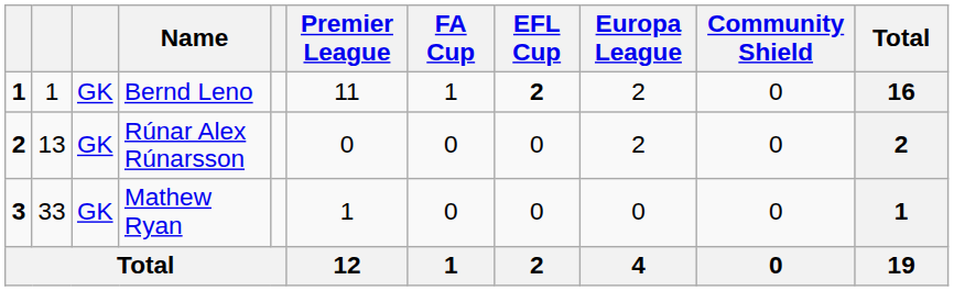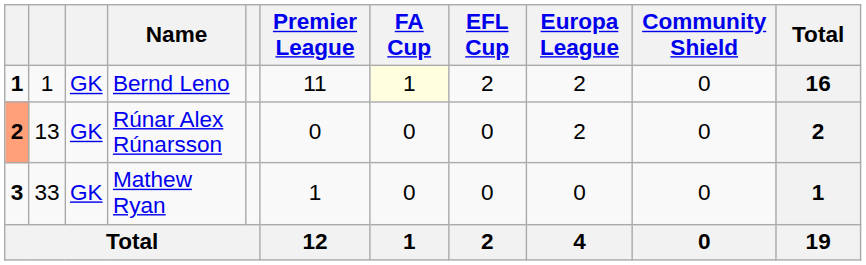 <table class="wikitable" style="text-align:center">
 <tr>
 <th width=15></th>
 <th width=15></th>
 <th width=15></th>
 <th width="145">Name</th>
 <th width=15></th>
 <th width=120><a href='#'>Premier League</a></th>
 <th width=120><a href='#'>FA Cup</a></th>
 <th width=120><a href='#'>EFL Cup</a></th>
 <th width=120><a href='#'>Europa League</a></th>
 <th width=120><a href='#'>Community Shield</a></th>
 <th width=120>Total</th>
 </tr>
 <tr>
 <td><strong>1</strong></td>
 <td>1</td>
 <td><a href='#'>GK</a></td>
 <td align="left"><a href='#'>Bernd Leno</a></td>
 <td></td>
 <td>11</td>
-<td>1</td>
-<td><strong>2</strong></td>
+<td style="background: lightyellow;">1</td>
+<td>2</td>
 <td>2</td>
 <td>0</td>
 <th>16</th>
 </tr>
 <tr>
-<td><strong>2</strong></td>
+<td style="background: lightsalmon;"><strong>2</strong></td>
 <td>13</td>
 <td><a href='#'>GK</a></td>
 <td align="left"><a href='#'>Rúnar Alex Rúnarsson</a></td>
 <td></td>
 <td>0</td>
 <td>0</td>
 <td>0</td>
 <td>2</td>
 <td>0</td>
 <th>2</th>
 </tr>
 <tr>
 <td><strong>3</strong></td>
 <td>33</td>
 <td><a href='#'>GK</a></td>
 <td align="left"><a href='#'>Mathew Ryan</a></td>
 <td></td>
 <td>1</td>
 <td>0</td>
 <td>0</td>
 <td>0</td>
 <td>0</td>
 <th>1</th>
 </tr>
 <tr>
 <th colspan="5">Total</th>
 <th>12</th>
 <th>1</th>
 <th>2</th>
 <th>4</th>
 <th>0</th>
 <th>19</th>
 </tr>
 </table>
